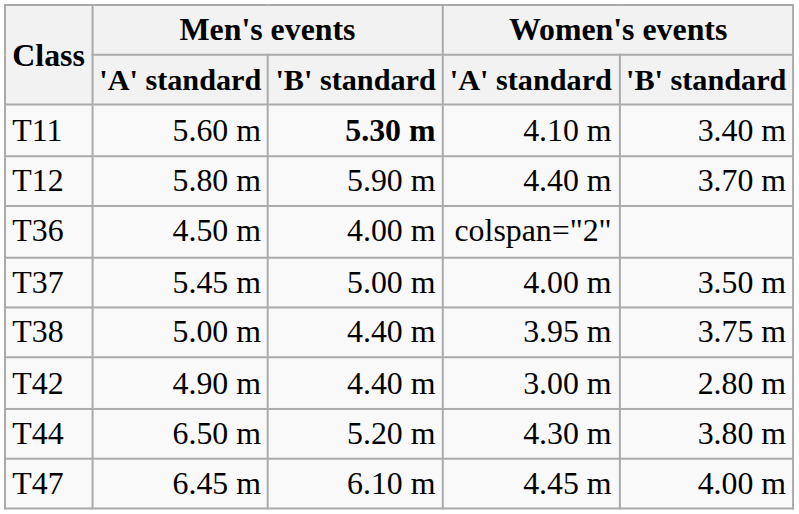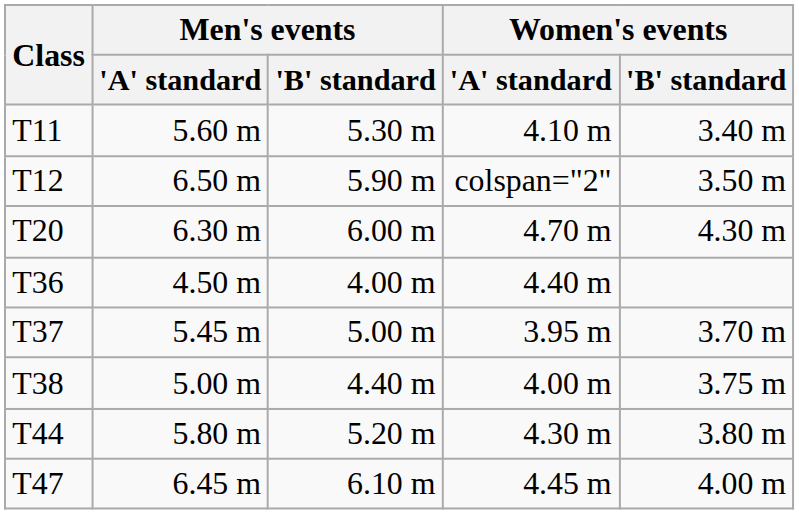 <table class="wikitable" style="text-align:right">
 <tr>
 <th rowspan="2">Class</th>
 <th colspan="2">Men's events</th>
 <th colspan="2">Women's events</th>
 </tr>
 <tr style="font-size:95%">
 <th>'A' standard</th>
 <th>'B' standard</th>
 <th>'A' standard</th>
 <th>'B' standard</th>
 </tr>
 <tr>
 <td style="text-align:left">T11</td>
 <td>5.60 m</td>
-<td><strong>5.30 m</strong></td>
+<td>5.30 m</td>
 <td>4.10 m</td>
 <td>3.40 m</td>
 </tr>
 <tr>
 <td style="text-align:left">T12</td>
-<td>5.80 m</td>
+<td>6.50 m</td>
 <td>5.90 m</td>
-<td>4.40 m</td>
-<td>3.70 m</td>
+<td>colspan="2" </td>
+<td>3.50 m</td>
+</tr>
+<tr>
+<td style="text-align:left">T20</td>
+<td>6.30 m</td>
+<td>6.00 m</td>
+<td>4.70 m</td>
+<td>4.30 m</td>
 </tr>
 <tr>
 <td style="text-align:left">T36</td>
 <td>4.50 m</td>
 <td>4.00 m</td>
-<td>colspan="2" </td>
+<td>4.40 m</td>
 </tr>
 <tr>
 <td style="text-align:left">T37</td>
 <td>5.45 m</td>
 <td>5.00 m</td>
-<td>4.00 m</td>
-<td>3.50 m</td>
+<td>3.95 m</td>
+<td>3.70 m</td>
 </tr>
 <tr>
 <td style="text-align:left">T38</td>
 <td>5.00 m</td>
 <td>4.40 m</td>
-<td>3.95 m</td>
+<td>4.00 m</td>
 <td>3.75 m</td>
 </tr>
 <tr>
-<td style="text-align:left">T42</td>
-<td>4.90 m</td>
-<td>4.40 m</td>
-<td>3.00 m</td>
-<td>2.80 m</td>
-</tr>
-<tr>
 <td style="text-align:left">T44</td>
-<td>6.50 m</td>
+<td>5.80 m</td>
 <td>5.20 m</td>
 <td>4.30 m</td>
 <td>3.80 m</td>
 </tr>
 <tr>
 <td style="text-align:left">T47</td>
 <td>6.45 m</td>
 <td>6.10 m</td>
 <td>4.45 m</td>
 <td>4.00 m</td>
 </tr>
 </table>
